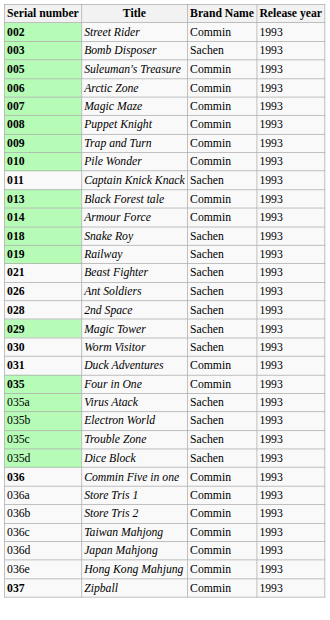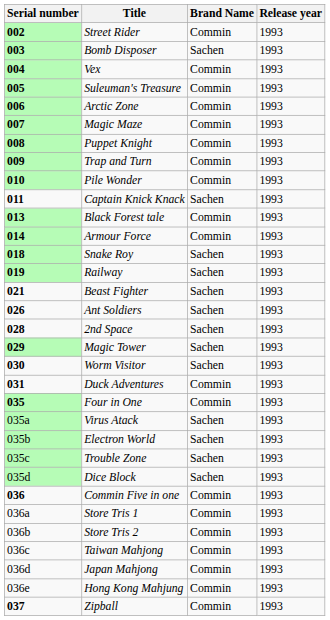 <table class="wikitable sortable" border="1">
 <tr>
 <th scope="col">Serial number</th>
 <th scope="col">Title</th>
 <th scope="col">Brand Name</th>
 <th scope="col">Release year</th>
 </tr>
 <tr>
 <td style="background:#b6fcb6;"><strong>002</strong></td>
 <td><em>Street Rider</em></td>
 <td>Commin</td>
 <td>1993</td>
 </tr>
 <tr>
 <td style="background:#b6fcb6;"><strong>003</strong></td>
 <td><em>Bomb Disposer</em></td>
 <td>Sachen</td>
+<td>1993</td>
+</tr>
+<tr>
+<td style="background:#b6fcb6;"><strong>004</strong></td>
+<td><em>Vex</em></td>
+<td>Commin</td>
 <td>1993</td>
 </tr>
 <tr>
 <td style="background:#b6fcb6;"><strong>005</strong></td>
 <td><em>Suleuman's Treasure</em></td>
 <td>Commin</td>
 <td>1993</td>
 </tr>
 <tr>
 <td style="background:#b6fcb6;"><strong>006</strong></td>
 <td><em>Arctic Zone</em></td>
 <td>Commin</td>
 <td>1993</td>
 </tr>
 <tr>
 <td style="background:#b6fcb6;"><strong>007</strong></td>
 <td><em>Magic Maze</em></td>
 <td>Commin</td>
 <td>1993</td>
 </tr>
 <tr>
 <td style="background:#b6fcb6;"><strong>008</strong></td>
 <td><em>Puppet Knight</em></td>
 <td>Commin</td>
 <td>1993</td>
 </tr>
 <tr>
 <td style="background:#b6fcb6;"><strong>009</strong></td>
 <td><em>Trap and Turn</em></td>
 <td>Commin</td>
 <td>1993</td>
 </tr>
 <tr>
 <td style="background:#b6fcb6;"><strong>010</strong></td>
 <td><em>Pile Wonder</em></td>
 <td>Commin</td>
 <td>1993</td>
 </tr>
 <tr>
 <td><strong>011</strong></td>
 <td><em>Captain Knick Knack</em></td>
 <td>Sachen</td>
 <td>1993</td>
 </tr>
 <tr>
 <td style="background:#b6fcb6;"><strong>013</strong></td>
 <td><em>Black Forest tale</em></td>
 <td>Commin</td>
 <td>1993</td>
 </tr>
 <tr>
 <td style="background:#b6fcb6;"><strong>014</strong></td>
 <td><em>Armour Force</em></td>
 <td>Commin</td>
 <td>1993</td>
 </tr>
 <tr>
 <td style="background:#b6fcb6;"><strong>018</strong></td>
 <td><em>Snake Roy</em></td>
 <td>Sachen</td>
 <td>1993</td>
 </tr>
 <tr>
 <td style="background:#b6fcb6;"><strong>019</strong></td>
 <td><em>Railway</em></td>
 <td>Sachen</td>
 <td>1993</td>
 </tr>
 <tr>
 <td><strong>021</strong></td>
 <td><em>Beast Fighter</em></td>
 <td>Sachen</td>
 <td>1993</td>
 </tr>
 <tr>
 <td><strong>026</strong></td>
 <td><em>Ant Soldiers</em></td>
 <td>Sachen</td>
 <td>1993</td>
 </tr>
 <tr>
 <td><strong>028</strong></td>
 <td><em>2nd Space</em></td>
 <td>Sachen</td>
 <td>1993</td>
 </tr>
 <tr>
 <td style="background:#b6fcb6;"><strong>029</strong></td>
 <td><em>Magic Tower</em></td>
 <td>Sachen</td>
 <td>1993</td>
 </tr>
 <tr>
 <td><strong>030</strong></td>
 <td><em>Worm Visitor</em></td>
 <td>Sachen</td>
 <td>1993</td>
 </tr>
 <tr>
 <td><strong>031</strong></td>
 <td><em>Duck Adventures</em></td>
 <td>Commin</td>
 <td>1993</td>
 </tr>
 <tr>
 <td style="background:#b6fcb6;"><strong>035</strong></td>
 <td><em>Four in One</em></td>
 <td>Commin</td>
 <td>1993</td>
 </tr>
 <tr>
 <td style="background:#b6fcb6;">035a</td>
 <td><em>Virus Atack</em></td>
 <td>Sachen</td>
 <td>1993</td>
 </tr>
 <tr>
 <td style="background:#b6fcb6;">035b</td>
 <td><em> Electron World</em></td>
 <td>Sachen</td>
 <td>1993</td>
 </tr>
 <tr>
 <td style="background:#b6fcb6;">035c</td>
 <td><em>Trouble Zone</em></td>
 <td>Sachen</td>
 <td>1993</td>
 </tr>
 <tr>
 <td style="background:#b6fcb6;">035d</td>
 <td><em>Dice Block</em></td>
 <td>Sachen</td>
 <td>1993</td>
 </tr>
 <tr>
 <td><strong>036</strong></td>
 <td><em>Commin Five in one</em></td>
 <td>Commin</td>
 <td>1993</td>
 </tr>
 <tr>
 <td>036a</td>
 <td><em>Store Tris 1</em></td>
 <td>Commin</td>
 <td>1993</td>
 </tr>
 <tr>
 <td>036b</td>
 <td><em>Store Tris 2</em></td>
 <td>Commin</td>
 <td>1993</td>
 </tr>
 <tr>
 <td>036c</td>
 <td><em>Taiwan Mahjong</em></td>
 <td>Commin</td>
 <td>1993</td>
 </tr>
 <tr>
 <td>036d</td>
 <td><em>Japan Mahjong</em></td>
 <td>Commin</td>
 <td>1993</td>
 </tr>
 <tr>
 <td>036e</td>
 <td><em>Hong Kong Mahjung</em></td>
 <td>Commin</td>
 <td>1993</td>
 </tr>
 <tr>
 <td><strong>037</strong></td>
 <td><em>Zipball</em></td>
 <td>Commin</td>
 <td>1993</td>
 </tr>
 </table>
